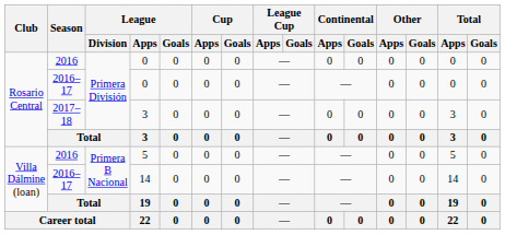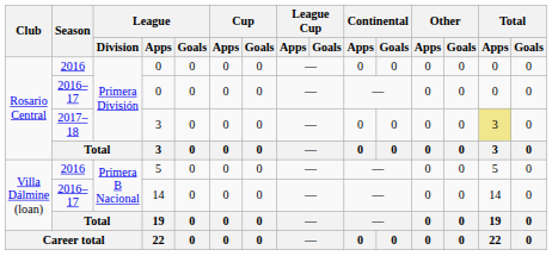 <table class="wikitable" style="text-align:center">
 <tr>
 <th rowspan="2">Club</th>
 <th rowspan="2">Season</th>
 <th colspan="3">League</th>
 <th colspan="2">Cup</th>
 <th colspan="2">League Cup</th>
 <th colspan="2">Continental</th>
 <th colspan="2">Other</th>
 <th colspan="2">Total</th>
 </tr>
 <tr>
 <th>Division</th>
 <th>Apps</th>
 <th>Goals</th>
 <th>Apps</th>
 <th>Goals</th>
 <th>Apps</th>
 <th>Goals</th>
 <th>Apps</th>
 <th>Goals</th>
 <th>Apps</th>
 <th>Goals</th>
 <th>Apps</th>
 <th>Goals</th>
 </tr>
 <tr>
 <td rowspan="4"><a href='#'>Rosario Central</a></td>
 <td><a href='#'>2016</a></td>
 <td rowspan="3"><a href='#'>Primera División</a></td>
 <td>0</td>
 <td>0</td>
 <td>0</td>
 <td>0</td>
 <td colspan="2">—</td>
 <td>0</td>
 <td>0</td>
 <td>0</td>
 <td>0</td>
 <td>0</td>
 <td>0</td>
 </tr>
 <tr>
 <td><a href='#'>2016–17</a></td>
 <td>0</td>
 <td>0</td>
 <td>0</td>
 <td>0</td>
 <td colspan="2">—</td>
 <td colspan="2">—</td>
 <td>0</td>
 <td>0</td>
 <td>0</td>
 <td>0</td>
 </tr>
 <tr>
 <td><a href='#'>2017–18</a></td>
 <td>3</td>
 <td>0</td>
 <td>0</td>
 <td>0</td>
 <td colspan="2">—</td>
 <td>0</td>
 <td>0</td>
 <td>0</td>
 <td>0</td>
-<td>3</td>
+<td style="background: khaki;">3</td>
 <td>0</td>
 </tr>
 <tr>
 <th colspan="2">Total</th>
 <th>3</th>
 <th>0</th>
 <th>0</th>
 <th>0</th>
 <th colspan="2">—</th>
 <th>0</th>
 <th>0</th>
 <th>0</th>
 <th>0</th>
 <th>3</th>
 <th>0</th>
 </tr>
 <tr>
 <td rowspan="3"><a href='#'>Villa Dálmine</a> (loan)</td>
 <td><a href='#'>2016</a></td>
 <td rowspan="2"><a href='#'>Primera B Nacional</a></td>
 <td>5</td>
 <td>0</td>
 <td>0</td>
 <td>0</td>
 <td colspan="2">—</td>
 <td colspan="2">—</td>
 <td>0</td>
 <td>0</td>
 <td>5</td>
 <td>0</td>
 </tr>
 <tr>
 <td><a href='#'>2016–17</a></td>
 <td>14</td>
 <td>0</td>
 <td>0</td>
 <td>0</td>
 <td colspan="2">—</td>
 <td colspan="2">—</td>
 <td>0</td>
 <td>0</td>
 <td>14</td>
 <td>0</td>
 </tr>
 <tr>
 <th colspan="2">Total</th>
 <th>19</th>
 <th>0</th>
 <th>0</th>
 <th>0</th>
 <th colspan="2">—</th>
 <th colspan="2">—</th>
 <th>0</th>
 <th>0</th>
 <th>19</th>
 <th>0</th>
 </tr>
 <tr>
 <th colspan="3">Career total</th>
 <th>22</th>
 <th>0</th>
 <th>0</th>
 <th>0</th>
 <th colspan="2">—</th>
 <th>0</th>
 <th>0</th>
 <th>0</th>
 <th>0</th>
 <th>22</th>
 <th>0</th>
 </tr>
 </table>
